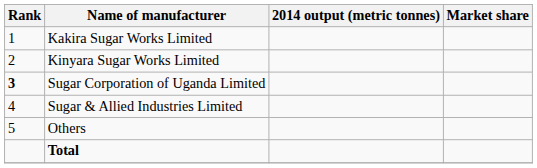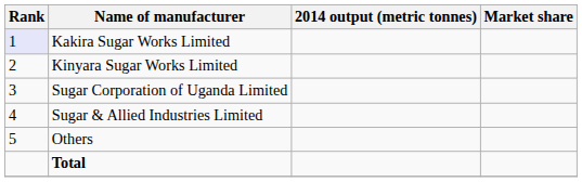 <table class="wikitable sortable" style="margin:0.5em auto">
 <tr>
 <th style="width:2em;">Rank</th>
 <th>Name of manufacturer</th>
 <th>2014 output (metric tonnes)</th>
 <th>Market share</th>
 </tr>
 <tr>
-<td>1</td>
+<td style="background: lavender;">1</td>
 <td>Kakira Sugar Works Limited</td>
 <td></td>
 <td></td>
 </tr>
 <tr>
 <td>2</td>
 <td>Kinyara Sugar Works Limited</td>
 <td></td>
 <td></td>
 </tr>
 <tr>
-<td><strong>3</strong></td>
+<td>3</td>
 <td>Sugar Corporation of Uganda Limited</td>
 <td></td>
 <td></td>
 </tr>
 <tr>
 <td>4</td>
 <td>Sugar & Allied Industries Limited</td>
 <td></td>
 <td></td>
 </tr>
 <tr>
 <td>5</td>
 <td>Others</td>
 <td></td>
 <td></td>
 </tr>
 <tr>
 <td></td>
 <td><strong>Total</strong></td>
 <td></td>
 <td></td>
 </tr>
 <tr>
 </tr>
 </table>
